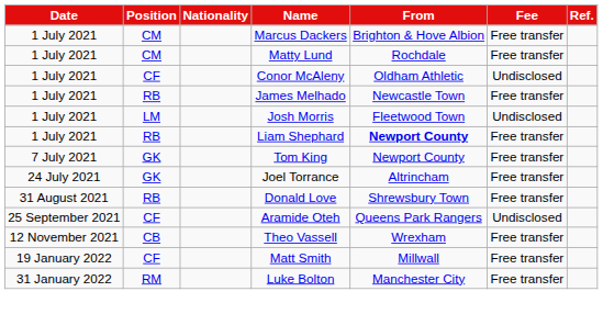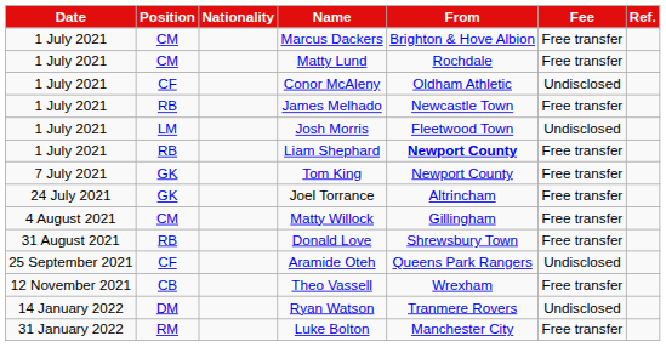 <table class="wikitable"  style="text-align:center; font-size:90%; ">
 <tr>
 <th style="background:#e20e0e;color:white;">Date</th>
 <th style="background:#e20e0e;color:white;">Position</th>
 <th style="background:#e20e0e;color:white;">Nationality</th>
 <th style="background:#e20e0e;color:white;">Name</th>
 <th style="background:#e20e0e;color:white;">From</th>
 <th style="background:#e20e0e;color:white;">Fee</th>
 <th style="background:#e20e0e;color:white;">Ref.</th>
 </tr>
 <tr>
 <td>1 July 2021</td>
 <td><a href='#'>CM</a></td>
 <td></td>
 <td><a href='#'>Marcus Dackers</a></td>
 <td> <a href='#'>Brighton & Hove Albion</a></td>
 <td>Free transfer</td>
 <td></td>
 </tr>
 <tr>
 <td>1 July 2021</td>
 <td><a href='#'>CM</a></td>
 <td></td>
 <td><a href='#'>Matty Lund</a></td>
 <td> <a href='#'>Rochdale</a></td>
 <td>Free transfer</td>
 <td></td>
 </tr>
 <tr>
 <td>1 July 2021</td>
 <td><a href='#'>CF</a></td>
 <td></td>
 <td><a href='#'>Conor McAleny</a></td>
 <td> <a href='#'>Oldham Athletic</a></td>
 <td>Undisclosed</td>
 <td></td>
 </tr>
 <tr>
 <td>1 July 2021</td>
 <td><a href='#'>RB</a></td>
 <td></td>
 <td><a href='#'>James Melhado</a></td>
 <td> <a href='#'>Newcastle Town</a></td>
 <td>Free transfer</td>
 <td></td>
 </tr>
 <tr>
 <td>1 July 2021</td>
 <td><a href='#'>LM</a></td>
 <td></td>
 <td><a href='#'>Josh Morris</a></td>
 <td> <a href='#'>Fleetwood Town</a></td>
 <td>Undisclosed</td>
 <td></td>
 </tr>
 <tr>
 <td>1 July 2021</td>
 <td><a href='#'>RB</a></td>
 <td></td>
 <td><a href='#'>Liam Shephard</a></td>
 <td><strong> <a href='#'>Newport County</a></strong></td>
 <td>Free transfer</td>
 <td></td>
 </tr>
 <tr>
 <td>7 July 2021</td>
 <td><a href='#'>GK</a></td>
 <td></td>
 <td><a href='#'>Tom King</a></td>
 <td> <a href='#'>Newport County</a></td>
 <td>Free transfer</td>
 <td></td>
 </tr>
 <tr>
 <td>24 July 2021</td>
 <td><a href='#'>GK</a></td>
 <td></td>
 <td>Joel Torrance</td>
 <td> <a href='#'>Altrincham</a></td>
 <td>Free transfer</td>
 <td></td>
 </tr>
 <tr>
+<td>4 August 2021</td>
+<td><a href='#'>CM</a></td>
+<td></td>
+<td><a href='#'>Matty Willock</a></td>
+<td> <a href='#'>Gillingham</a></td>
+<td>Free transfer</td>
+<td></td>
+</tr>
+<tr>
 <td>31 August 2021</td>
 <td><a href='#'>RB</a></td>
 <td></td>
 <td><a href='#'>Donald Love</a></td>
 <td> <a href='#'>Shrewsbury Town</a></td>
 <td>Free transfer</td>
 <td></td>
 </tr>
 <tr>
 <td>25 September 2021</td>
 <td><a href='#'>CF</a></td>
 <td></td>
 <td><a href='#'>Aramide Oteh</a></td>
 <td> <a href='#'>Queens Park Rangers</a></td>
 <td>Undisclosed</td>
 <td></td>
 </tr>
 <tr>
 <td>12 November 2021</td>
 <td><a href='#'>CB</a></td>
 <td></td>
 <td><a href='#'>Theo Vassell</a></td>
 <td> <a href='#'>Wrexham</a></td>
 <td>Free transfer</td>
 <td></td>
 </tr>
 <tr>
-<td>19 January 2022</td>
-<td><a href='#'>CF</a></td>
+<td>14 January 2022</td>
+<td><a href='#'>DM</a></td>
 <td></td>
-<td><a href='#'>Matt Smith</a></td>
-<td> <a href='#'>Millwall</a></td>
-<td>Free transfer</td>
+<td><a href='#'>Ryan Watson</a></td>
+<td> <a href='#'>Tranmere Rovers</a></td>
+<td>Undisclosed</td>
 <td></td>
 </tr>
 <tr>
 <td>31 January 2022</td>
 <td><a href='#'>RM</a></td>
 <td></td>
 <td><a href='#'>Luke Bolton</a></td>
 <td> <a href='#'>Manchester City</a></td>
 <td>Free transfer</td>
 <td></td>
 </tr>
 </table>
